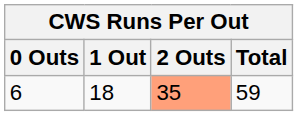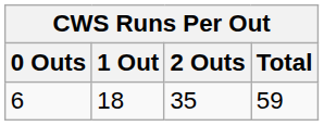 <table class="wikitable">
 <tr>
 <th colspan="5">CWS Runs Per Out</th>
 </tr>
 <tr>
 <th>0 Outs</th>
 <th>1 Out</th>
 <th>2 Outs</th>
 <th>Total</th>
 </tr>
 <tr>
 <td>6</td>
 <td>18</td>
-<td style="background: lightsalmon;">35</td>
+<td>35</td>
 <td>59</td>
 </tr>
 </table>
